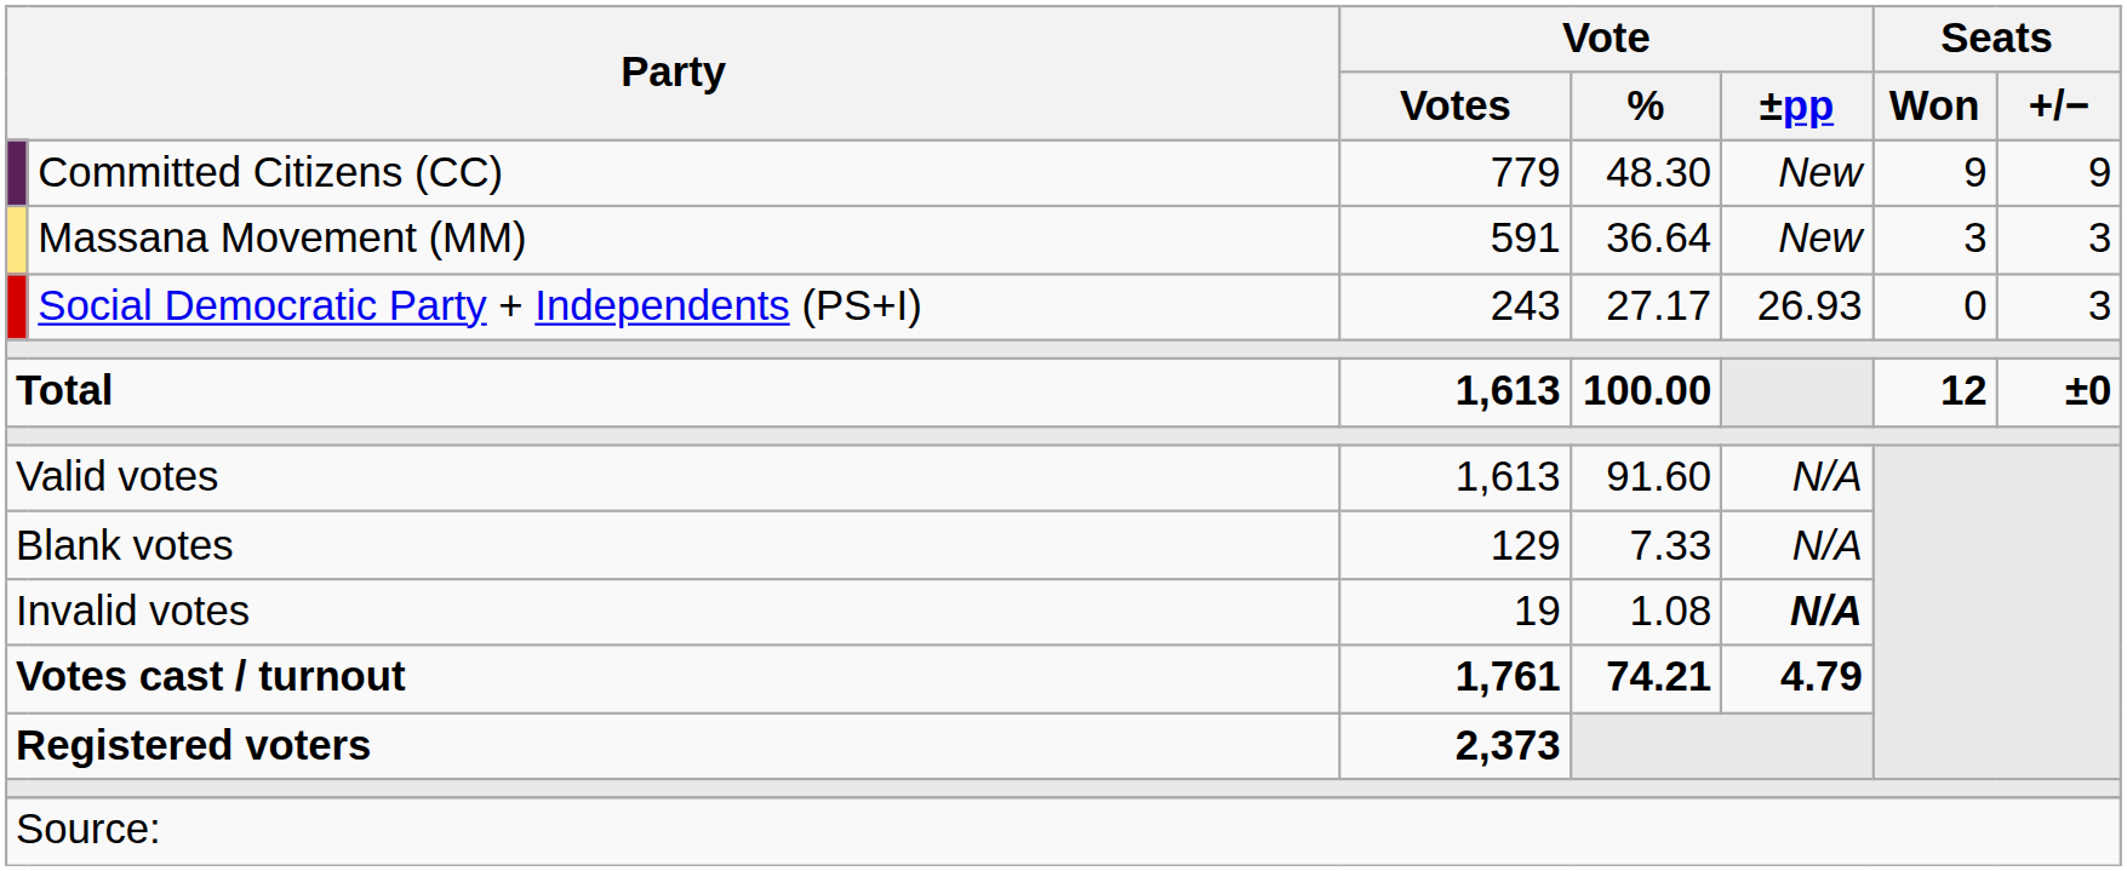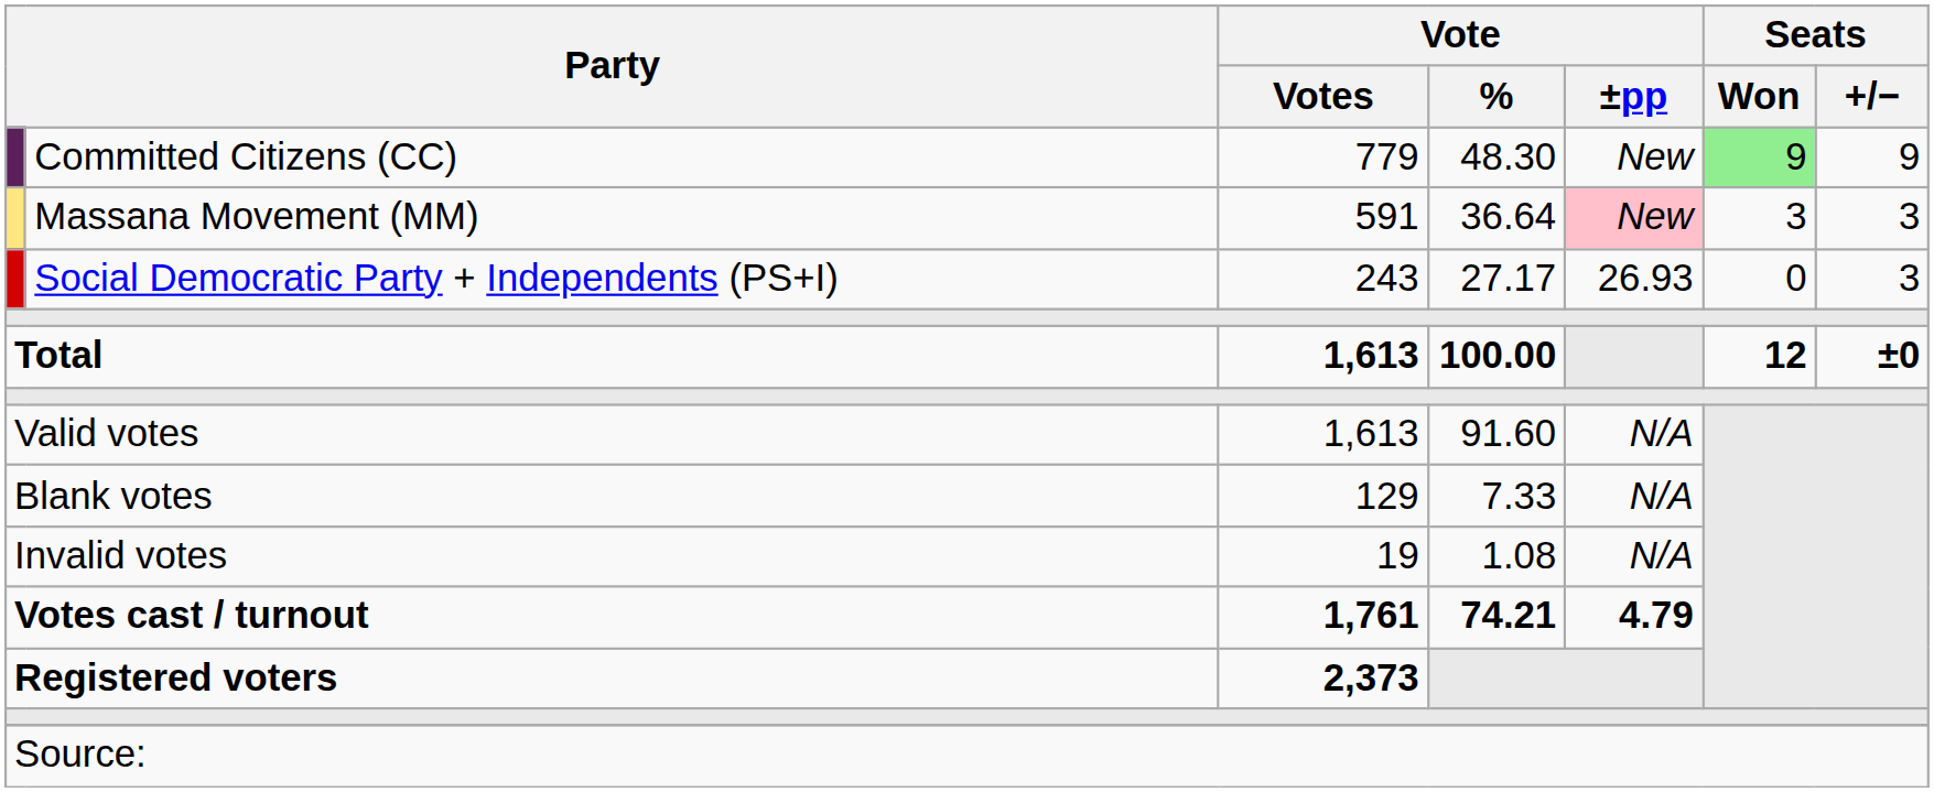 <table class="wikitable" style="text-align:right; font-size:100%; margin-bottom:0">
 <tr>
 <th align="left" rowspan="2" colspan="2" width="500">Party</th>
 <th colspan="3">Vote</th>
 <th colspan="2">Seats</th>
 </tr>
 <tr>
 <th width="80">Votes</th>
 <th width="50">%</th>
 <th width="50">±<a href='#'>pp</a></th>
 <th width="40">Won</th>
 <th width="40">+/−</th>
 </tr>
 <tr>
 <td width="1" style="color:inherit;background:#5A205A"></td>
 <td align="left">Committed Citizens (CC)</td>
 <td>779</td>
 <td>48.30</td>
 <td><em>New</em></td>
-<td>9</td>
+<td style="background: lightgreen;">9</td>
 <td>9</td>
 </tr>
 <tr>
 <td width="1" style="color:inherit;background:#FFE680"></td>
 <td align="left">Massana Movement (MM)</td>
 <td>591</td>
 <td>36.64</td>
-<td><em>New</em></td>
+<td style="background: pink;"><em>New</em></td>
 <td>3</td>
 <td>3</td>
 </tr>
 <tr>
 <td width="1" style="color:inherit;background:#D40000"></td>
 <td align="left"><a href='#'>Social Democratic Party</a> + <a href='#'>Independents</a> (PS+I)</td>
 <td>243</td>
 <td>27.17</td>
 <td>26.93</td>
 <td>0</td>
 <td>3</td>
 </tr>
 <tr>
 <td colspan="7" bgcolor="#E9E9E9"></td>
 </tr>
 <tr style="font-weight:bold;">
 <td align="left" colspan="2">Total</td>
 <td>1,613</td>
 <td>100.00</td>
 <td bgcolor="#E9E9E9"></td>
 <td>12</td>
 <td>±0</td>
 </tr>
 <tr>
 <td colspan="7" bgcolor="#E9E9E9"></td>
 </tr>
 <tr>
 <td align="left" colspan="2">Valid votes</td>
 <td>1,613</td>
 <td>91.60</td>
 <td><em>N/A</em></td>
 <td bgcolor="#E9E9E9" colspan="2" rowspan="5"></td>
 </tr>
 <tr>
 <td align="left" colspan="2">Blank votes</td>
 <td>129</td>
 <td>7.33</td>
 <td><em>N/A</em></td>
 </tr>
 <tr>
 <td align="left" colspan="2">Invalid votes</td>
 <td>19</td>
 <td>1.08</td>
-<td><strong><em>N/A</em></strong></td>
+<td><em>N/A</em></td>
 </tr>
 <tr style="font-weight:bold;">
 <td align="left" colspan="2">Votes cast / turnout</td>
 <td>1,761</td>
 <td>74.21</td>
 <td>4.79</td>
 </tr>
 <tr style="font-weight:bold;">
 <td align="left" colspan="2">Registered voters</td>
 <td>2,373</td>
 <td bgcolor="#E9E9E9" colspan="2"></td>
 </tr>
 <tr>
 <td colspan="7" bgcolor="#E9E9E9"></td>
 </tr>
 <tr>
 </tr>
 <tr>
 <td align="left" colspan="7">Source: </td>
 </tr>
 </table>
